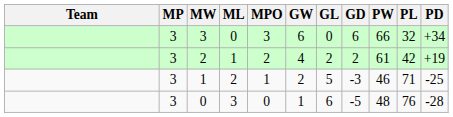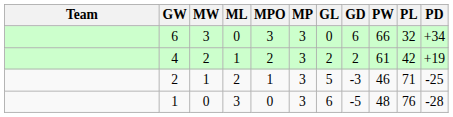 <table class=wikitable style="text-align:center">
 <tr>
 <th width=175>Team</th>
-<th width=20>MP</th>
+<th width=20>GW</th>
 <th width=20>MW</th>
 <th width=20>ML</th>
 <th width=20>MPO</th>
-<th width=20>GW</th>
+<th width=20>MP</th>
 <th width=20>GL</th>
 <th width=20>GD</th>
 <th width=20>PW</th>
 <th width=20>PL</th>
 <th width=20>PD</th>
 </tr>
 <tr bgcolor="#ccffcc">
 <td align=left><strong><br></strong></td>
-<td>3</td>
+<td>6</td>
 <td>3</td>
 <td>0</td>
 <td>3</td>
-<td>6</td>
+<td>3</td>
 <td>0</td>
 <td>6</td>
 <td>66</td>
 <td>32</td>
 <td>+34</td>
 </tr>
 <tr bgcolor="#ccffcc">
 <td align=left><strong><br></strong></td>
-<td>3</td>
+<td>4</td>
 <td>2</td>
 <td>1</td>
 <td>2</td>
-<td>4</td>
+<td>3</td>
 <td>2</td>
 <td>2</td>
 <td>61</td>
 <td>42</td>
 <td>+19</td>
 </tr>
 <tr>
 <td align=left><br></td>
-<td>3</td>
+<td>2</td>
 <td>1</td>
 <td>2</td>
 <td>1</td>
-<td>2</td>
+<td>3</td>
 <td>5</td>
 <td>-3</td>
 <td>46</td>
 <td>71</td>
 <td>-25</td>
 </tr>
 <tr>
 <td align=left><br></td>
+<td>1</td>
+<td>0</td>
 <td>3</td>
 <td>0</td>
 <td>3</td>
-<td>0</td>
-<td>1</td>
 <td>6</td>
 <td>-5</td>
 <td>48</td>
 <td>76</td>
 <td>-28</td>
 </tr>
 </table>
